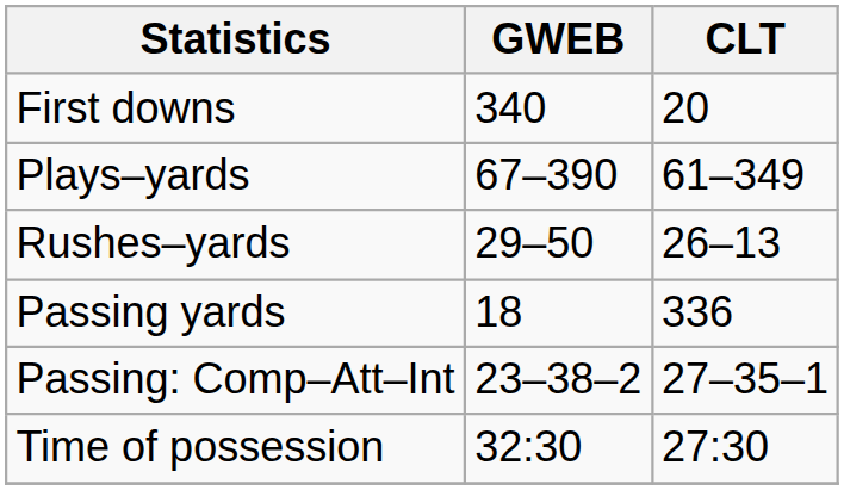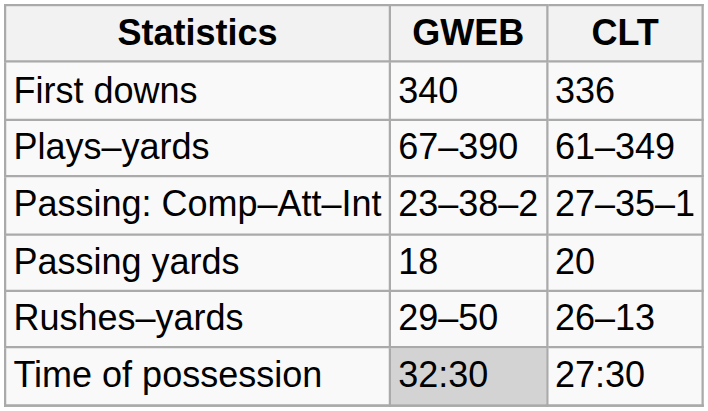 <table class="wikitable" style="float: left;">
 <tr>
 <th>Statistics</th>
 <th>GWEB</th>
 <th>CLT</th>
 </tr>
 <tr>
 <td>First downs</td>
 <td>340</td>
-<td>20</td>
+<td>336</td>
 </tr>
 <tr>
 <td>Plays–yards</td>
 <td>67–390</td>
 <td>61–349</td>
 </tr>
 <tr>
+<td>Passing: Comp–Att–Int</td>
+<td>23–38–2</td>
+<td>27–35–1</td>
+</tr>
+<tr>
+<td>Passing yards</td>
+<td>18</td>
+<td>20</td>
+</tr>
+<tr>
 <td>Rushes–yards</td>
 <td>29–50</td>
 <td>26–13</td>
 </tr>
 <tr>
-<td>Passing yards</td>
-<td>18</td>
-<td>336</td>
-</tr>
-<tr>
-<td>Passing: Comp–Att–Int</td>
-<td>23–38–2</td>
-<td>27–35–1</td>
-</tr>
-<tr>
 <td>Time of possession</td>
-<td>32:30</td>
+<td style="background: lightgrey;">32:30</td>
 <td>27:30</td>
 </tr>
 <tr>
 </tr>
 </table>
